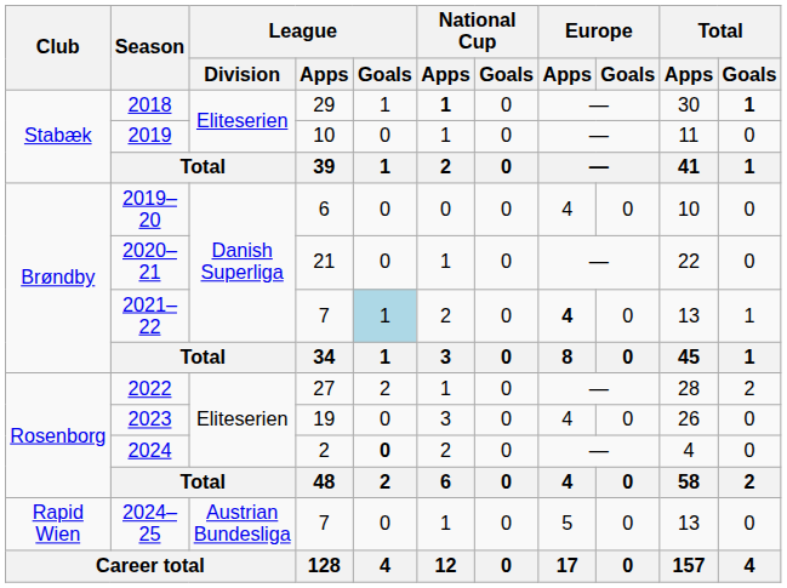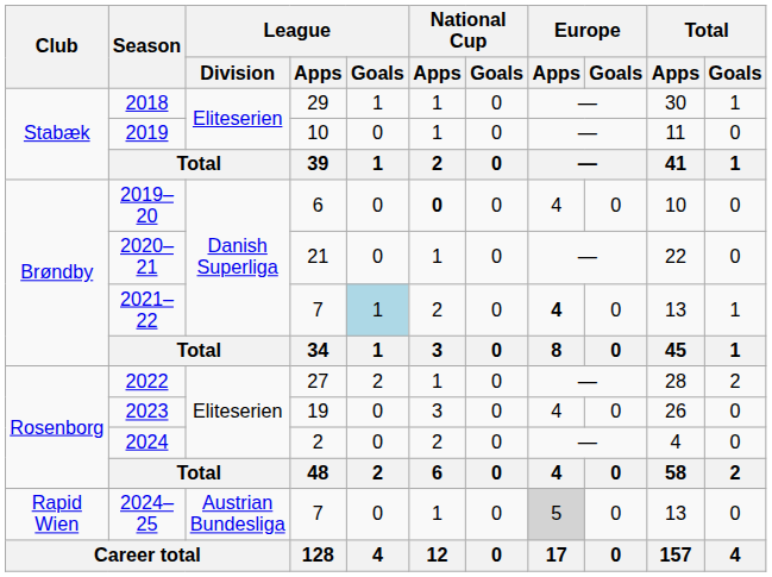 <table class="wikitable" style="text-align:center">
 <tr>
 <th rowspan=2>Club</th>
 <th rowspan=2>Season</th>
 <th colspan=3>League</th>
 <th colspan=2>National Cup</th>
 <th colspan=2>Europe</th>
 <th colspan=2>Total</th>
 </tr>
 <tr>
 <th>Division</th>
 <th>Apps</th>
 <th>Goals</th>
 <th>Apps</th>
 <th>Goals</th>
 <th>Apps</th>
 <th>Goals</th>
 <th>Apps</th>
 <th>Goals</th>
 </tr>
 <tr>
 <td rowspan=3><a href='#'>Stabæk</a></td>
 <td><a href='#'>2018</a></td>
 <td rowspan=2><a href='#'>Eliteserien</a></td>
 <td>29</td>
 <td>1</td>
-<td><strong>1</strong></td>
+<td>1</td>
 <td>0</td>
 <td colspan=2>—</td>
 <td>30</td>
-<td><strong>1</strong></td>
+<td>1</td>
 </tr>
 <tr>
 <td><a href='#'>2019</a></td>
 <td>10</td>
 <td>0</td>
 <td>1</td>
 <td>0</td>
 <td colspan=2>—</td>
 <td>11</td>
 <td>0</td>
 </tr>
 <tr>
 <th colspan=2>Total</th>
 <th>39</th>
 <th>1</th>
 <th>2</th>
 <th>0</th>
 <th colspan=2>—</th>
 <th>41</th>
 <th>1</th>
 </tr>
 <tr>
 <td rowspan=4><a href='#'>Brøndby</a></td>
 <td><a href='#'>2019–20</a></td>
 <td rowspan=3><a href='#'>Danish Superliga</a></td>
 <td>6</td>
 <td>0</td>
-<td>0</td>
+<td><strong>0</strong></td>
 <td>0</td>
 <td>4</td>
 <td>0</td>
 <td>10</td>
 <td>0</td>
 </tr>
 <tr>
 <td><a href='#'>2020–21</a></td>
 <td>21</td>
 <td>0</td>
 <td>1</td>
 <td>0</td>
 <td colspan=2>—</td>
 <td>22</td>
 <td>0</td>
 </tr>
 <tr>
 <td><a href='#'>2021–22</a></td>
 <td>7</td>
 <td style="background: lightblue;">1</td>
 <td>2</td>
 <td>0</td>
 <td><strong>4</strong></td>
 <td>0</td>
 <td>13</td>
 <td>1</td>
 </tr>
 <tr>
 <th colspan=2>Total</th>
 <th>34</th>
 <th>1</th>
 <th>3</th>
 <th>0</th>
 <th>8</th>
 <th>0</th>
 <th>45</th>
 <th>1</th>
 </tr>
 <tr>
 <td rowspan=4><a href='#'>Rosenborg</a></td>
 <td><a href='#'>2022</a></td>
 <td rowspan=3>Eliteserien</td>
 <td>27</td>
 <td>2</td>
 <td>1</td>
 <td>0</td>
 <td colspan=2>—</td>
 <td>28</td>
 <td>2</td>
 </tr>
 <tr>
 <td><a href='#'>2023</a></td>
 <td>19</td>
 <td>0</td>
 <td>3</td>
 <td>0</td>
 <td>4</td>
 <td>0</td>
 <td>26</td>
 <td>0</td>
 </tr>
 <tr>
 <td><a href='#'>2024</a></td>
 <td>2</td>
-<td><strong>0</strong></td>
+<td>0</td>
 <td>2</td>
 <td>0</td>
 <td colspan=2>—</td>
 <td>4</td>
 <td>0</td>
 </tr>
 <tr>
 <th colspan=2>Total</th>
 <th>48</th>
 <th>2</th>
 <th>6</th>
 <th>0</th>
 <th>4</th>
 <th>0</th>
 <th>58</th>
 <th>2</th>
 </tr>
 <tr>
 <td><a href='#'>Rapid Wien</a></td>
 <td><a href='#'>2024–25</a></td>
 <td><a href='#'>Austrian Bundesliga</a></td>
 <td>7</td>
 <td>0</td>
 <td>1</td>
 <td>0</td>
-<td>5</td>
+<td style="background: lightgrey;">5</td>
 <td>0</td>
 <td>13</td>
 <td>0</td>
 </tr>
 <tr>
 <th colspan=3>Career total</th>
 <th>128</th>
 <th>4</th>
 <th>12</th>
 <th>0</th>
 <th>17</th>
 <th>0</th>
 <th>157</th>
 <th>4</th>
 </tr>
 </table>
